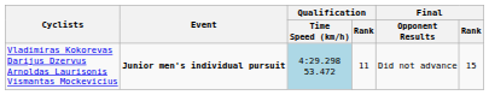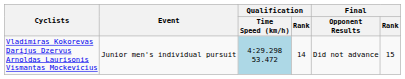 <table class="wikitable" style="font-size:90%">
 <tr>
 <th rowspan="2">Cyclists</th>
 <th rowspan="2">Event</th>
 <th colspan=2>Qualification</th>
 <th colspan=2>Final</th>
 </tr>
 <tr style="font-size:95%">
 <th>Time<br>Speed (km/h)</th>
 <th>Rank</th>
 <th>Opponent<br>Results</th>
 <th>Rank</th>
 </tr>
 <tr align=center>
 <td align=left><a href='#'>Vladimiras Kokorevas</a><br><a href='#'>Darijus Dzervus</a><br><a href='#'>Arnoldas Laurisonis</a><br><a href='#'>Vismantas Mockevicius</a></td>
-<td align=left><strong>Junior men's individual pursuit</strong></td>
+<td align=left>Junior men's individual pursuit</td>
 <td style="background: lightblue;">4:29.298<br>53.472</td>
-<td>11</td>
+<td>14</td>
 <td>Did not advance</td>
 <td>15</td>
 </tr>
 </table>
